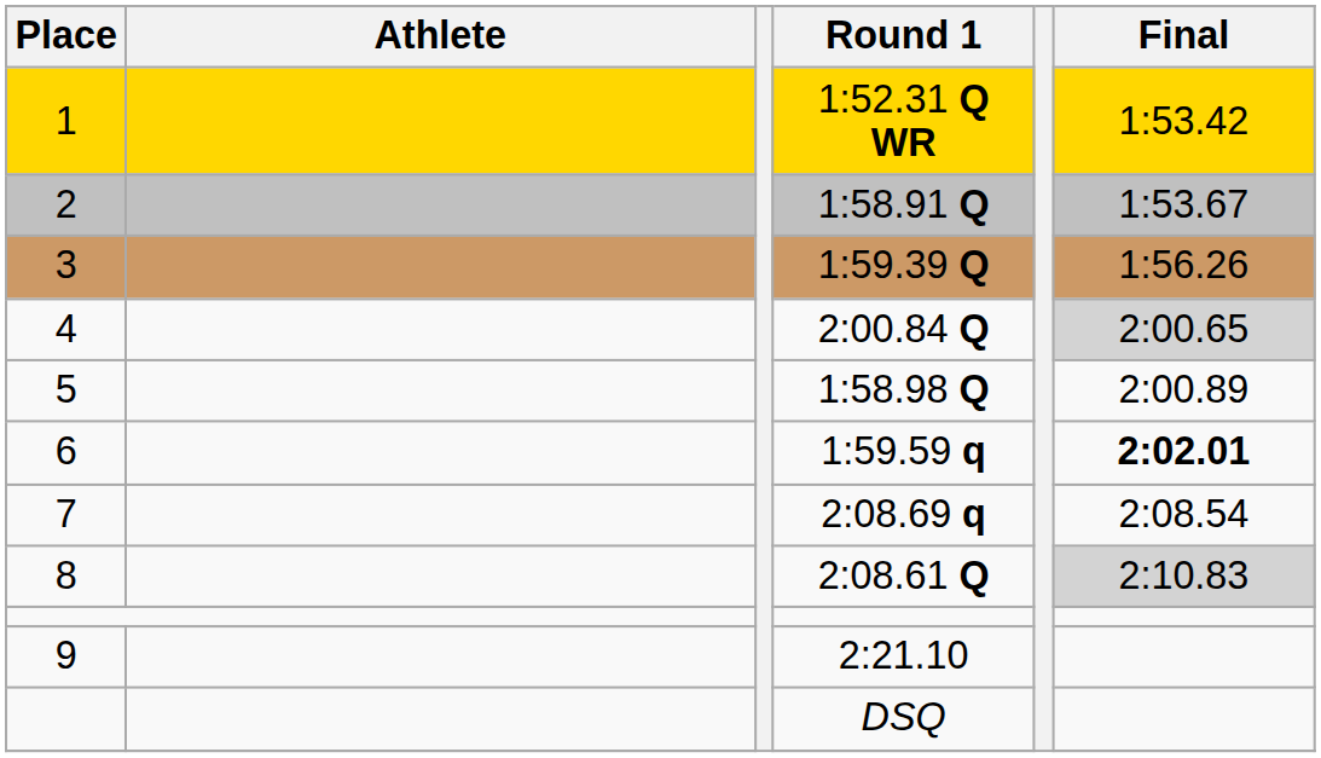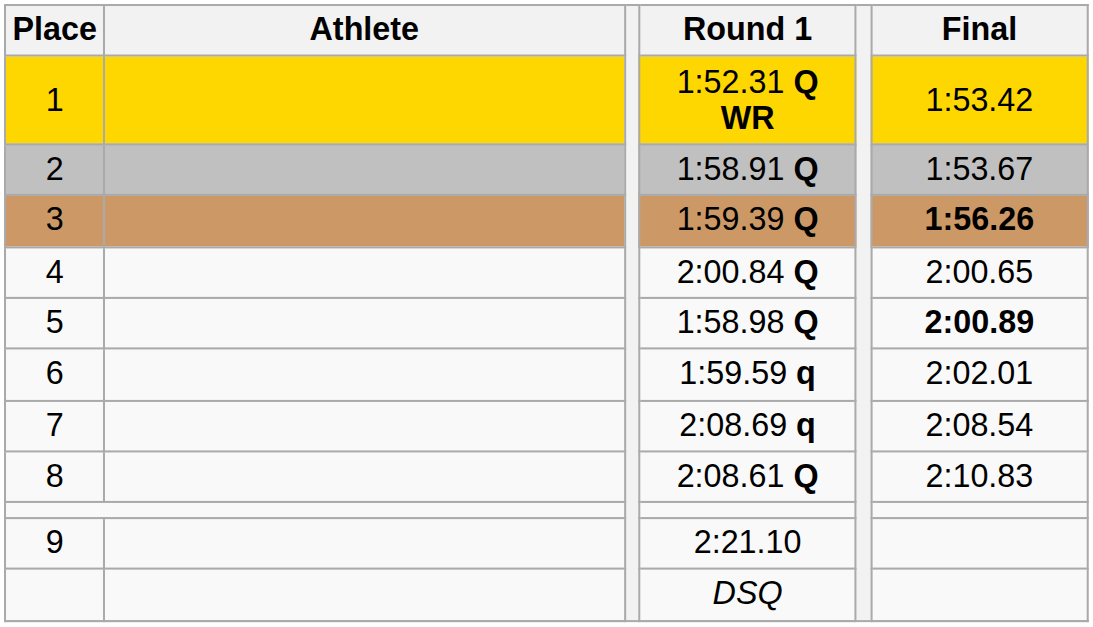 <table class="wikitable" style="text-align:center">
 <tr>
 <th>Place</th>
 <th width=250>Athlete</th>
 <th rowspan=31></th>
 <th width=100>Round 1</th>
 <th rowspan=31></th>
 <th width=100>Final</th>
 </tr>
 <tr bgcolor=gold>
 <td>1</td>
 <td align=left></td>
 <td>1:52.31 <strong>Q WR</strong></td>
 <td>1:53.42</td>
 </tr>
 <tr bgcolor=silver>
 <td>2</td>
 <td align=left></td>
 <td>1:58.91 <strong>Q</strong></td>
 <td>1:53.67</td>
 </tr>
 <tr bgcolor=cc9966>
 <td>3</td>
 <td align=left></td>
 <td>1:59.39 <strong>Q</strong></td>
-<td>1:56.26</td>
+<td><strong>1:56.26</strong></td>
 </tr>
 <tr>
 <td>4</td>
 <td align=left></td>
 <td>2:00.84 <strong>Q</strong></td>
-<td style="background: lightgrey;">2:00.65</td>
+<td>2:00.65</td>
 </tr>
 <tr>
 <td>5</td>
 <td align=left></td>
 <td>1:58.98 <strong>Q</strong></td>
-<td>2:00.89</td>
+<td><strong>2:00.89</strong></td>
 </tr>
 <tr>
 <td>6</td>
 <td align=left></td>
 <td>1:59.59 <strong>q</strong></td>
-<td><strong>2:02.01</strong></td>
+<td>2:02.01</td>
 </tr>
 <tr>
 <td>7</td>
 <td align=left></td>
 <td>2:08.69 <strong>q</strong></td>
 <td>2:08.54</td>
 </tr>
 <tr>
 <td>8</td>
 <td align=left></td>
 <td>2:08.61 <strong>Q</strong></td>
-<td style="background: lightgrey;">2:10.83</td>
+<td>2:10.83</td>
 </tr>
 <tr>
 <td colspan=10></td>
 </tr>
 <tr>
 <td>9</td>
 <td align=left></td>
 <td>2:21.10</td>
 <td></td>
 </tr>
 <tr>
 <td></td>
 <td align=left></td>
 <td><em>DSQ</em></td>
 <td></td>
 </tr>
 <tr>
 </tr>
 </table>
